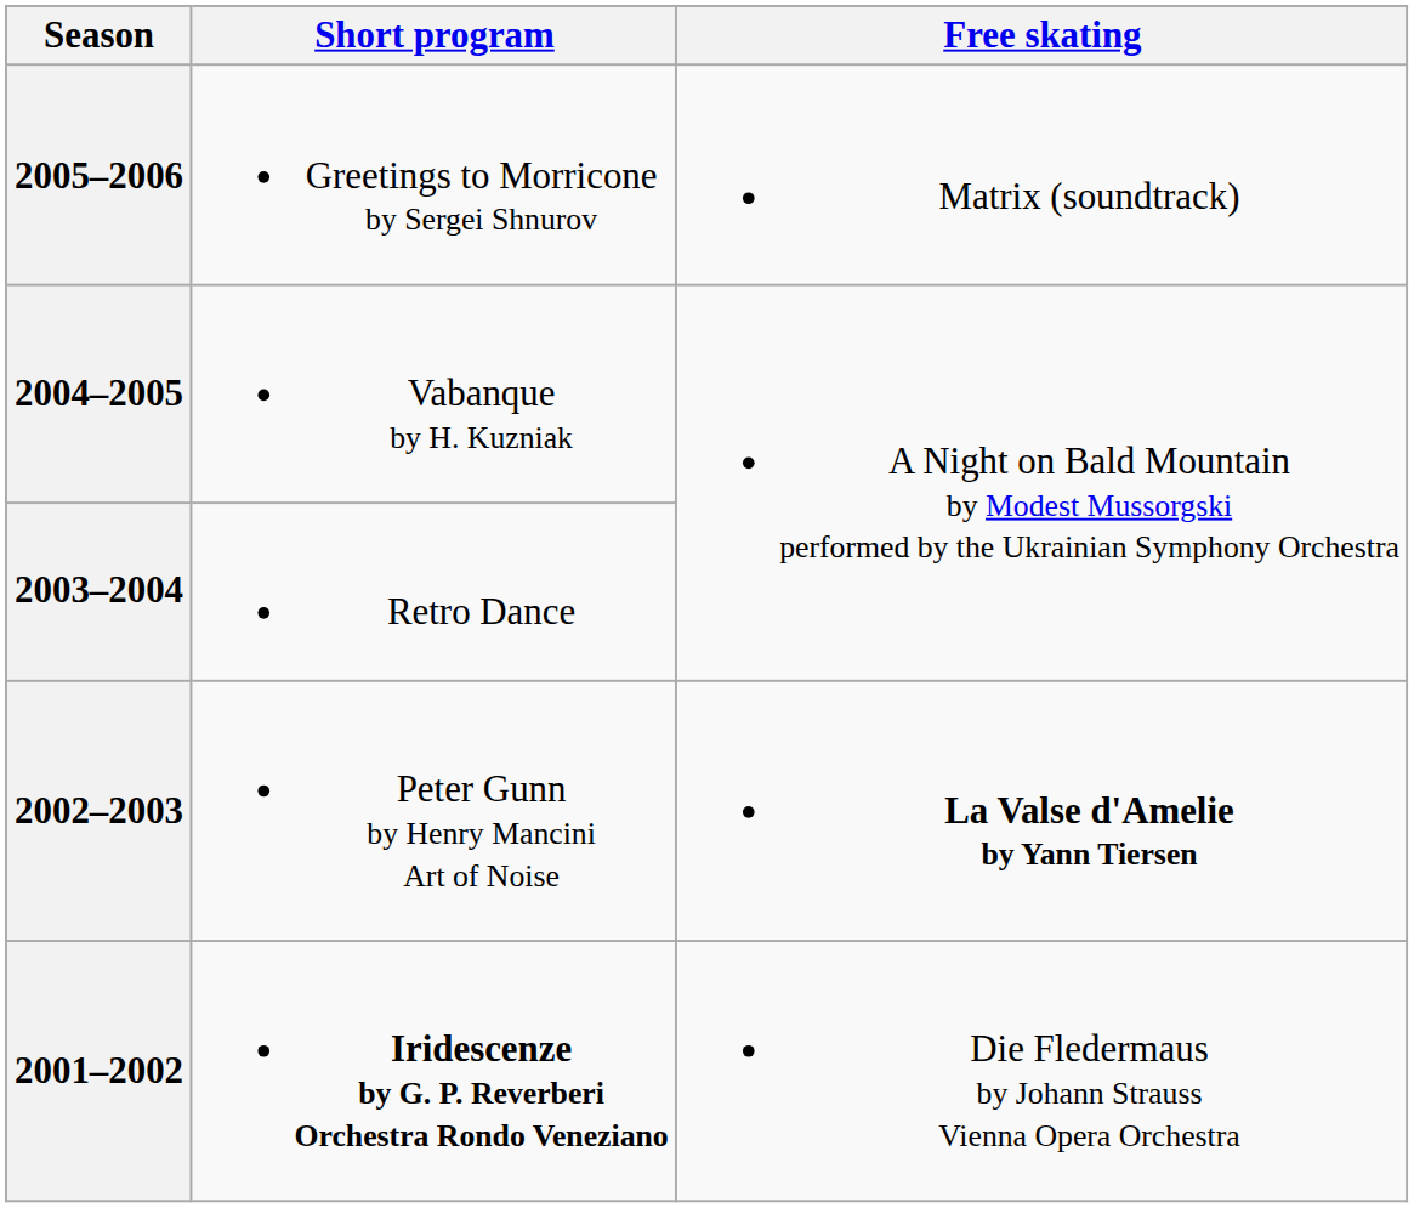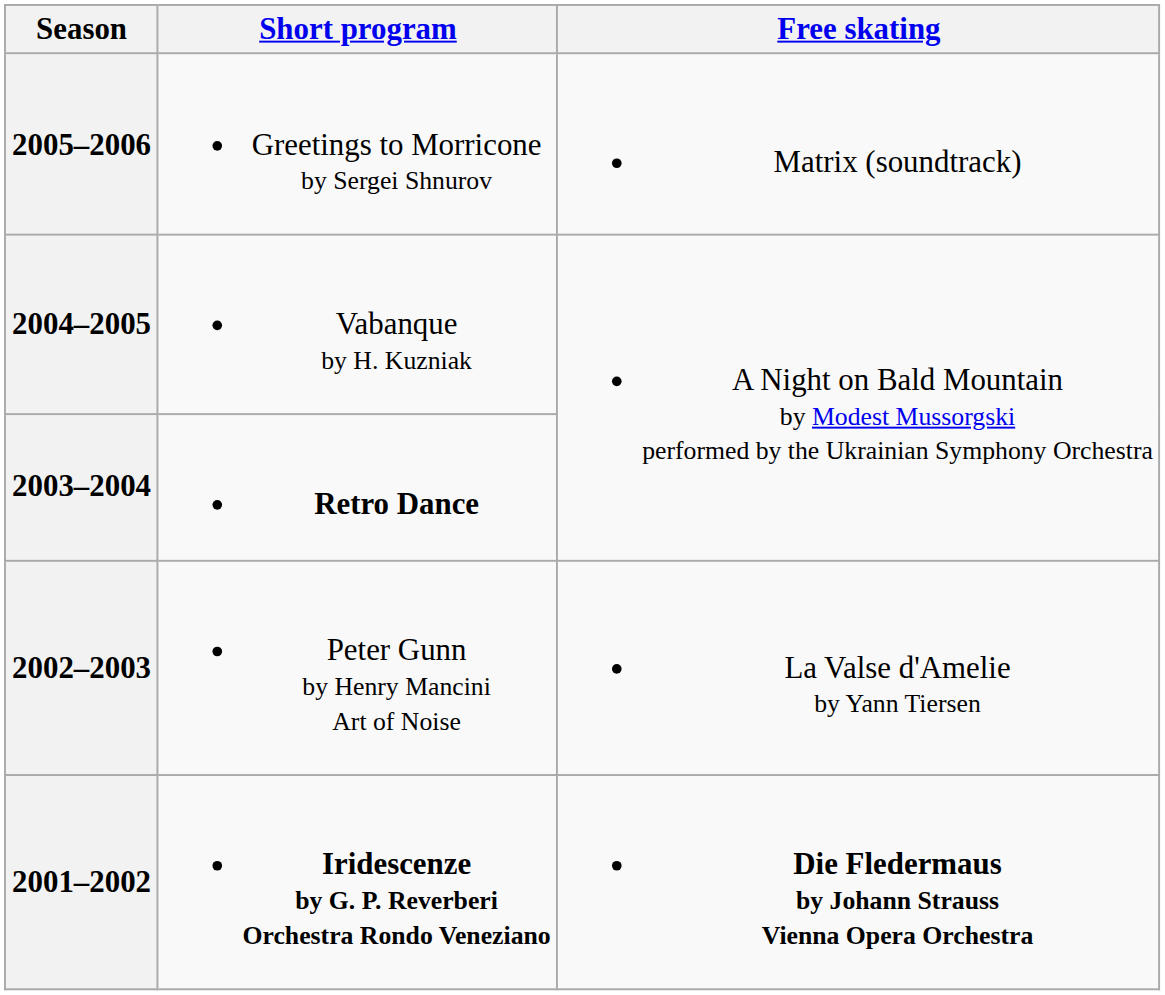 <table class=wikitable style=text-align:center>
 <tr>
 <th>Season</th>
 <th><a href='#'>Short program</a></th>
 <th><a href='#'>Free skating</a></th>
 </tr>
 <tr>
 <th>2005–2006 <br> </th>
 <td><br><ul><li>Greetings to Morricone <br><small> by Sergei Shnurov </small></li></ul></td>
 <td><br><ul><li>Matrix (soundtrack)</li></ul></td>
 </tr>
 <tr>
 <th>2004–2005 <br> </th>
 <td><br><ul><li>Vabanque <br><small> by H. Kuzniak </small></li></ul></td>
 <td rowspan=2><br><ul><li>A Night on Bald Mountain <br><small> by <a href='#'>Modest Mussorgski</a> <br> performed by the Ukrainian Symphony Orchestra </small></li></ul></td>
 </tr>
 <tr>
 <th>2003–2004 <br> </th>
-<td><br><ul><li>Retro Dance</li></ul></td>
+<td><strong><br><ul><li>Retro Dance</li></ul></strong></td>
 </tr>
 <tr>
 <th>2002–2003 <br> </th>
 <td><br><ul><li>Peter Gunn <br><small> by Henry Mancini <br> Art of Noise </small></li></ul></td>
-<td><strong><br><ul><li>La Valse d'Amelie <br><small> by Yann Tiersen </small></li></ul></strong></td>
+<td><br><ul><li>La Valse d'Amelie <br><small> by Yann Tiersen </small></li></ul></td>
 </tr>
 <tr>
 <th>2001–2002 <br> </th>
 <td><strong><br><ul><li>Iridescenze <br><small> by G. P. Reverberi <br> Orchestra Rondo Veneziano </small></li></ul></strong></td>
-<td><br><ul><li>Die Fledermaus <br><small> by Johann Strauss <br> Vienna Opera Orchestra </small></li></ul></td>
+<td><strong><br><ul><li>Die Fledermaus <br><small> by Johann Strauss <br> Vienna Opera Orchestra </small></li></ul></strong></td>
 </tr>
 </table>
